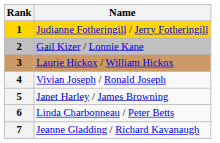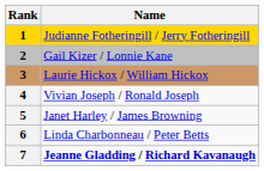 <table class="wikitable">
 <tr>
 <th>Rank</th>
 <th>Name</th>
 </tr>
 <tr bgcolor="gold">
 <td align="center"><strong>1</strong></td>
 <td><a href='#'>Judianne Fotheringill</a> / <a href='#'>Jerry Fotheringill</a></td>
 </tr>
 <tr bgcolor="silver">
 <td align="center"><strong>2</strong></td>
 <td><a href='#'>Gail Kizer</a> / <a href='#'>Lonnie Kane</a></td>
 </tr>
 <tr bgcolor="cc9966">
 <td align="center"><strong>3</strong></td>
 <td><a href='#'>Laurie Hickox</a> / <a href='#'>William Hickox</a></td>
 </tr>
 <tr>
 <th>4</th>
 <td><a href='#'>Vivian Joseph</a> / <a href='#'>Ronald Joseph</a></td>
 </tr>
 <tr>
 <th>5</th>
 <td><a href='#'>Janet Harley</a> / <a href='#'>James Browning</a></td>
 </tr>
 <tr>
 <th>6</th>
 <td><a href='#'>Linda Charbonneau</a> / <a href='#'>Peter Betts</a></td>
 </tr>
 <tr>
 <th>7</th>
-<td><a href='#'>Jeanne Gladding</a> / <a href='#'>Richard Kavanaugh</a></td>
+<td><strong><a href='#'>Jeanne Gladding</a> / <a href='#'>Richard Kavanaugh</a></strong></td>
 </tr>
 </table>
